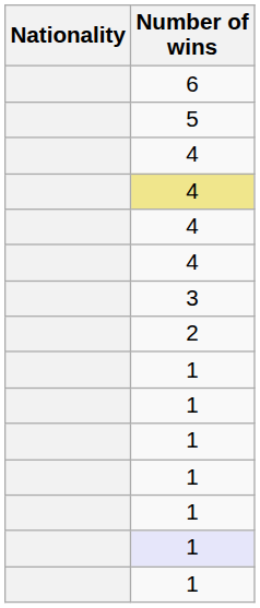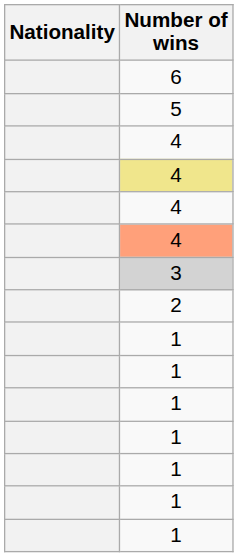 <table class="wikitable plainrowheaders">
 <tr bgcolor="#efefef">
 <th scopec=col>Nationality</th>
 <th scope=col>Number of<br>wins</th>
 </tr>
 <tr>
 <th scope=row></th>
 <td align=center>6</td>
 </tr>
 <tr>
 <th scope=row></th>
 <td align=center>5</td>
 </tr>
 <tr>
 <th scope=row><br></th>
 <td align=center>4</td>
 </tr>
 <tr>
 <th scope=row></th>
 <td align=center style="background: khaki;">4</td>
 </tr>
 <tr>
 <th scope=row></th>
 <td align=center>4</td>
 </tr>
 <tr>
 <th scope=row></th>
-<td align=center>4</td>
+<td align=center style="background: lightsalmon;">4</td>
 </tr>
 <tr>
 <th scope=row></th>
-<td align =center>3</td>
+<td align =center style="background: lightgrey;">3</td>
 </tr>
 <tr>
 <th scope=row></th>
 <td align=center>2</td>
 </tr>
 <tr>
 <th scope=row></th>
 <td align =center>1</td>
 </tr>
 <tr>
 <th scope=row></th>
 <td align=center>1</td>
 </tr>
 <tr>
 <th scope=row></th>
 <td align=center>1</td>
 </tr>
 <tr>
 <th scope=row></th>
 <td align=center>1</td>
 </tr>
 <tr>
 <th scope=row></th>
 <td align=center>1</td>
 </tr>
 <tr>
 <th scope=row></th>
-<td align=center style="background: lavender;">1</td>
+<td align=center>1</td>
 </tr>
 <tr>
 <th scope=row></th>
 <td align=center>1</td>
 </tr>
 </table>
